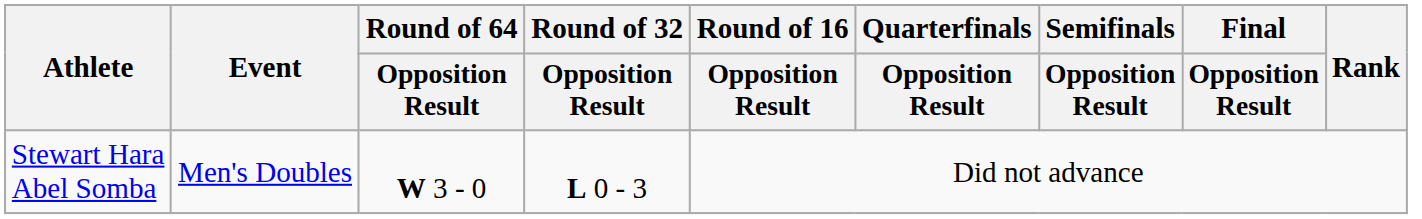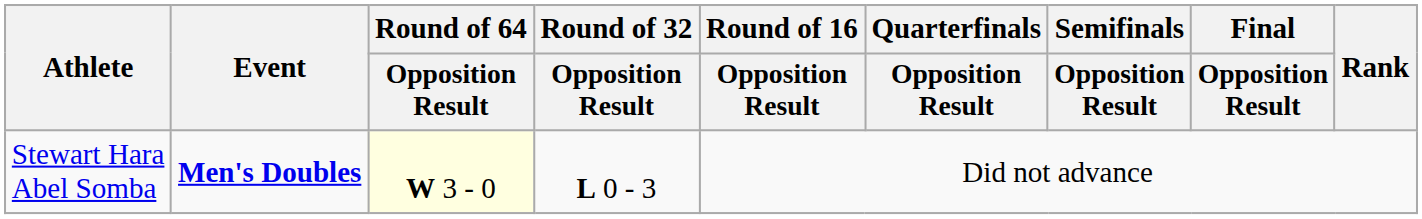 <table class="wikitable" style="font-size:90%">
 <tr>
 <th rowspan=2>Athlete</th>
 <th rowspan=2>Event</th>
 <th>Round of 64</th>
 <th>Round of 32</th>
 <th>Round of 16</th>
 <th>Quarterfinals</th>
 <th>Semifinals</th>
 <th>Final</th>
 <th rowspan=2>Rank</th>
 </tr>
 <tr style="font-size:95%">
 <th>Opposition<br>Result</th>
 <th>Opposition<br>Result</th>
 <th>Opposition<br>Result</th>
 <th>Opposition<br>Result</th>
 <th>Opposition<br>Result</th>
 <th>Opposition<br>Result</th>
 </tr>
 <tr align=center>
 <td align=left><a href='#'>Stewart Hara</a><br><a href='#'>Abel Somba</a></td>
-<td align=left><a href='#'>Men's Doubles</a></td>
-<td><br><strong>W</strong> 3 - 0</td>
+<td align=left><strong><a href='#'>Men's Doubles</a></strong></td>
+<td style="background: lightyellow;"><br><strong>W</strong> 3 - 0</td>
 <td><br><strong>L</strong> 0 - 3</td>
 <td colspan=5>Did not advance</td>
 </tr>
 </table>
